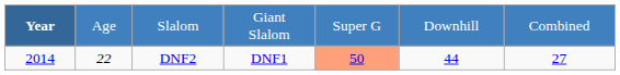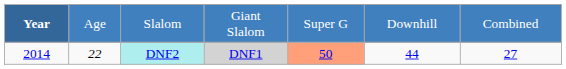 <table class="wikitable" style="font-size:95%; text-align:center; border:grey solid 1px; border-collapse:collapse;" width="40%">
 <tr style="background-color:#369; color:white;">
 <td rowspan="2" colspan="1" width="4%"><strong>Year</strong></td>
 </tr>
 <tr style="background-color:#4180be; color:white;">
 <td width="3%">Age</td>
 <td width="5%">Slalom</td>
 <td width="5%">Giant<br>Slalom</td>
 <td width="5%">Super G</td>
 <td width="5%">Downhill</td>
 <td width="5%">Combined</td>
 </tr>
 <tr style="background-color:#8CB2D8; color:white;">
 </tr>
 <tr>
 <td><a href='#'>2014</a></td>
 <td><em>22</em></td>
-<td><a href='#'>DNF2</a></td>
-<td><a href='#'>DNF1</a></td>
+<td style="background: paleturquoise;"><a href='#'>DNF2</a></td>
+<td style="background: lightgrey;"><a href='#'>DNF1</a></td>
 <td style="background: lightsalmon;"><a href='#'>50</a></td>
 <td><a href='#'>44</a></td>
 <td><a href='#'>27</a></td>
 </tr>
 </table>
